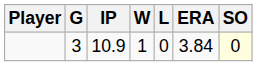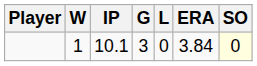 <table class="wikitable sortable">
 <tr>
 <th>Player</th>
+<th>W</th>
+<th>IP</th>
 <th>G</th>
-<th>IP</th>
-<th>W</th>
 <th>L</th>
 <th>ERA</th>
 <th>SO</th>
 </tr>
 <tr align="center">
 <td></td>
+<td>1</td>
+<td>10.1</td>
 <td>3</td>
-<td>10.9</td>
-<td>1</td>
 <td>0</td>
 <td>3.84</td>
 <td style="background: lightyellow;">0</td>
 </tr>
 </table>
